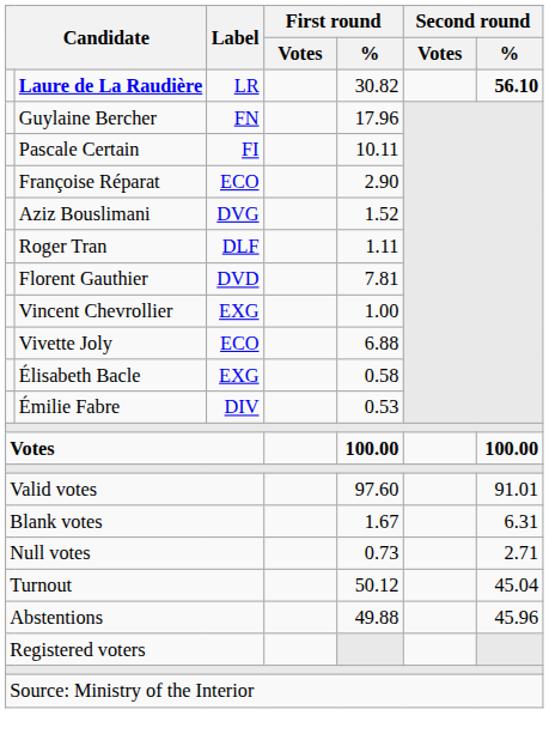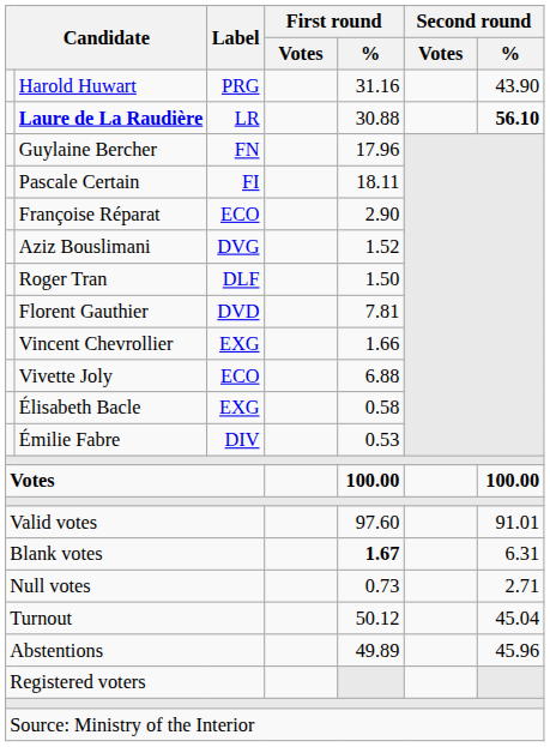 <table class="wikitable" style="text-align:right;font-size:95%;">
 <tr>
 <th rowspan="2" colspan="2">Candidate</th>
 <th rowspan="2">Label</th>
 <th colspan="2">First round</th>
 <th colspan="2">Second round</th>
 </tr>
 <tr>
 <th style="width:50px;">Votes</th>
 <th style="width:45px;">%</th>
 <th style="width:50px;">Votes</th>
 <th style="width:45px;">%</th>
 </tr>
 <tr>
 <td style="color:inherit;background:"></td>
+<td style="text-align:left;"><a href='#'>Harold Huwart</a></td>
+<td><a href='#'>PRG</a></td>
+<td></td>
+<td>31.16</td>
+<td></td>
+<td>43.90</td>
+</tr>
+<tr>
+<td style="color:inherit;background:"></td>
 <td style="text-align:left;"><strong><a href='#'>Laure de La Raudière</a></strong></td>
 <td><a href='#'>LR</a></td>
 <td></td>
-<td>30.82</td>
+<td>30.88</td>
 <td><strong></strong></td>
 <td><strong>56.10</strong></td>
 </tr>
 <tr>
 <td style="color:inherit;background:"></td>
 <td style="text-align:left;">Guylaine Bercher</td>
 <td><a href='#'>FN</a></td>
 <td></td>
 <td>17.96</td>
 <td colspan="2" rowspan="10" style="background:#E9E9E9;"></td>
 </tr>
 <tr>
 <td style="color:inherit;background:"></td>
 <td style="text-align:left;">Pascale Certain</td>
 <td><a href='#'>FI</a></td>
 <td></td>
-<td>10.11</td>
+<td>18.11</td>
 </tr>
 <tr>
 <td style="color:inherit;background:"></td>
 <td style="text-align:left;">Françoise Réparat</td>
 <td><a href='#'>ECO</a></td>
 <td></td>
 <td>2.90</td>
 </tr>
 <tr>
 <td style="color:inherit;background:"></td>
 <td style="text-align:left;">Aziz Bouslimani</td>
 <td><a href='#'>DVG</a></td>
 <td></td>
 <td>1.52</td>
 </tr>
 <tr>
 <td style="color:inherit;background:"></td>
 <td style="text-align:left;">Roger Tran</td>
 <td><a href='#'>DLF</a></td>
 <td></td>
-<td>1.11</td>
+<td>1.50</td>
 </tr>
 <tr>
 <td style="color:inherit;background:"></td>
 <td style="text-align:left;">Florent Gauthier</td>
 <td><a href='#'>DVD</a></td>
 <td></td>
 <td>7.81</td>
 </tr>
 <tr>
 <td style="color:inherit;background:"></td>
 <td style="text-align:left;">Vincent Chevrollier</td>
 <td><a href='#'>EXG</a></td>
 <td></td>
-<td>1.00</td>
+<td>1.66</td>
 </tr>
 <tr>
 <td style="color:inherit;background:"></td>
 <td style="text-align:left;">Vivette Joly</td>
 <td><a href='#'>ECO</a></td>
 <td></td>
 <td>6.88</td>
 </tr>
 <tr>
 <td style="color:inherit;background:"></td>
 <td style="text-align:left;">Élisabeth Bacle</td>
 <td><a href='#'>EXG</a></td>
 <td></td>
 <td>0.58</td>
 </tr>
 <tr>
 <td style="color:inherit;background:"></td>
 <td style="text-align:left;">Émilie Fabre</td>
 <td><a href='#'>DIV</a></td>
 <td></td>
 <td>0.53</td>
 </tr>
 <tr>
 <td colspan="7" style="background:#E9E9E9;"></td>
 </tr>
 <tr style="font-weight:bold;">
 <td colspan="3" style="text-align:left;">Votes</td>
 <td></td>
 <td>100.00</td>
 <td></td>
 <td>100.00</td>
 </tr>
 <tr>
 <td colspan="7" style="background:#E9E9E9;"></td>
 </tr>
 <tr>
 <td colspan="3" style="text-align:left;">Valid votes</td>
 <td></td>
 <td>97.60</td>
 <td></td>
 <td>91.01</td>
 </tr>
 <tr>
 <td colspan="3" style="text-align:left;">Blank votes</td>
 <td></td>
-<td>1.67</td>
+<td><strong>1.67</strong></td>
 <td></td>
 <td>6.31</td>
 </tr>
 <tr>
 <td colspan="3" style="text-align:left;">Null votes</td>
 <td></td>
 <td>0.73</td>
 <td></td>
 <td>2.71</td>
 </tr>
 <tr>
 <td colspan="3" style="text-align:left;">Turnout</td>
 <td></td>
 <td>50.12</td>
 <td></td>
 <td>45.04</td>
 </tr>
 <tr>
 <td colspan="3" style="text-align:left;">Abstentions</td>
 <td></td>
-<td>49.88</td>
+<td>49.89</td>
 <td></td>
 <td>45.96</td>
 </tr>
 <tr>
 <td colspan="3" style="text-align:left;">Registered voters</td>
 <td></td>
 <td style="background:#E9E9E9;"></td>
 <td></td>
 <td style="background:#E9E9E9;"></td>
 </tr>
 <tr>
 <td colspan="7" style="background:#E9E9E9;"></td>
 </tr>
 <tr>
 <td colspan="7" style="text-align:left;">Source: Ministry of the Interior</td>
 </tr>
 </table>
